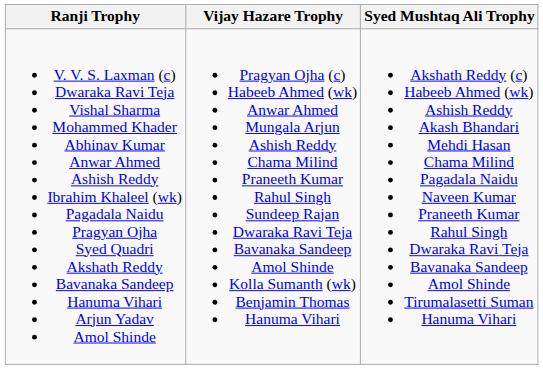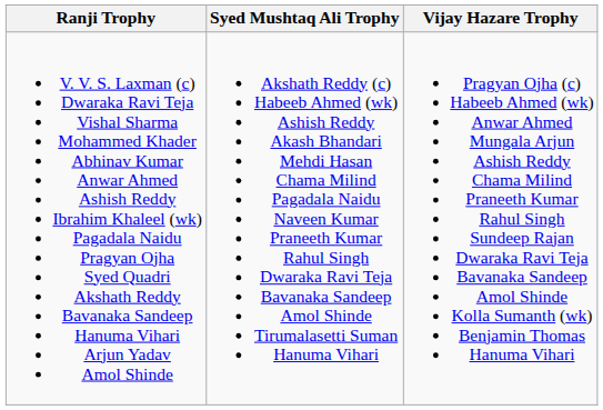 <table class="wikitable" style="text-align:center; margin:auto">
 <tr>
 <th>Ranji Trophy</th>
+<th>Syed Mushtaq Ali Trophy</th>
 <th>Vijay Hazare Trophy</th>
-<th>Syed Mushtaq Ali Trophy</th>
 </tr>
 <tr style="vertical-align:top">
 <td><br><ul><li><a href='#'>V. V. S. Laxman</a> (<a href='#'>c</a>)</li><li><a href='#'>Dwaraka Ravi Teja</a></li><li><a href='#'>Vishal Sharma</a></li><li><a href='#'>Mohammed Khader</a></li><li><a href='#'>Abhinav Kumar</a></li><li><a href='#'>Anwar Ahmed</a></li><li><a href='#'>Ashish Reddy</a></li><li><a href='#'>Ibrahim Khaleel</a> (<a href='#'>wk</a>)</li><li><a href='#'>Pagadala Naidu</a></li><li><a href='#'>Pragyan Ojha</a></li><li><a href='#'>Syed Quadri</a></li><li><a href='#'>Akshath Reddy</a></li><li><a href='#'>Bavanaka Sandeep</a></li><li><a href='#'>Hanuma Vihari</a></li><li><a href='#'>Arjun Yadav</a></li><li><a href='#'>Amol Shinde</a></li></ul></td>
+<td><br><ul><li><a href='#'>Akshath Reddy</a> (<a href='#'>c</a>)</li><li><a href='#'>Habeeb Ahmed</a> (<a href='#'>wk</a>)</li><li><a href='#'>Ashish Reddy</a></li><li><a href='#'>Akash Bhandari</a></li><li><a href='#'>Mehdi Hasan</a></li><li><a href='#'>Chama Milind</a></li><li><a href='#'>Pagadala Naidu</a></li><li><a href='#'>Naveen Kumar</a></li><li><a href='#'>Praneeth Kumar</a></li><li><a href='#'>Rahul Singh</a></li><li><a href='#'>Dwaraka Ravi Teja</a></li><li><a href='#'>Bavanaka Sandeep</a></li><li><a href='#'>Amol Shinde</a></li><li><a href='#'>Tirumalasetti Suman</a></li><li><a href='#'>Hanuma Vihari</a></li></ul></td>
 <td><br><ul><li><a href='#'>Pragyan Ojha</a> (<a href='#'>c</a>)</li><li><a href='#'>Habeeb Ahmed</a> (<a href='#'>wk</a>)</li><li><a href='#'>Anwar Ahmed</a></li><li><a href='#'>Mungala Arjun</a></li><li><a href='#'>Ashish Reddy</a></li><li><a href='#'>Chama Milind</a></li><li><a href='#'>Praneeth Kumar</a></li><li><a href='#'>Rahul Singh</a></li><li><a href='#'>Sundeep Rajan</a></li><li><a href='#'>Dwaraka Ravi Teja</a></li><li><a href='#'>Bavanaka Sandeep</a></li><li><a href='#'>Amol Shinde</a></li><li><a href='#'>Kolla Sumanth</a> (<a href='#'>wk</a>)</li><li><a href='#'>Benjamin Thomas</a></li><li><a href='#'>Hanuma Vihari</a></li></ul></td>
-<td><br><ul><li><a href='#'>Akshath Reddy</a> (<a href='#'>c</a>)</li><li><a href='#'>Habeeb Ahmed</a> (<a href='#'>wk</a>)</li><li><a href='#'>Ashish Reddy</a></li><li><a href='#'>Akash Bhandari</a></li><li><a href='#'>Mehdi Hasan</a></li><li><a href='#'>Chama Milind</a></li><li><a href='#'>Pagadala Naidu</a></li><li><a href='#'>Naveen Kumar</a></li><li><a href='#'>Praneeth Kumar</a></li><li><a href='#'>Rahul Singh</a></li><li><a href='#'>Dwaraka Ravi Teja</a></li><li><a href='#'>Bavanaka Sandeep</a></li><li><a href='#'>Amol Shinde</a></li><li><a href='#'>Tirumalasetti Suman</a></li><li><a href='#'>Hanuma Vihari</a></li></ul></td>
 </tr>
 </table>
